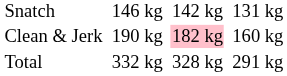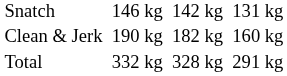 <table>
 <tr>
 <td>Snatch</td>
 <td></td>
 <td>146 kg</td>
 <td></td>
 <td>142 kg</td>
 <td></td>
 <td>131 kg</td>
 </tr>
 <tr>
 <td>Clean & Jerk</td>
 <td></td>
 <td>190 kg</td>
 <td></td>
-<td style="background: pink;">182 kg</td>
+<td>182 kg</td>
 <td></td>
 <td>160 kg</td>
 </tr>
 <tr>
 <td>Total</td>
 <td></td>
 <td>332 kg</td>
 <td></td>
 <td>328 kg</td>
 <td></td>
 <td>291 kg</td>
 </tr>
 </table>
